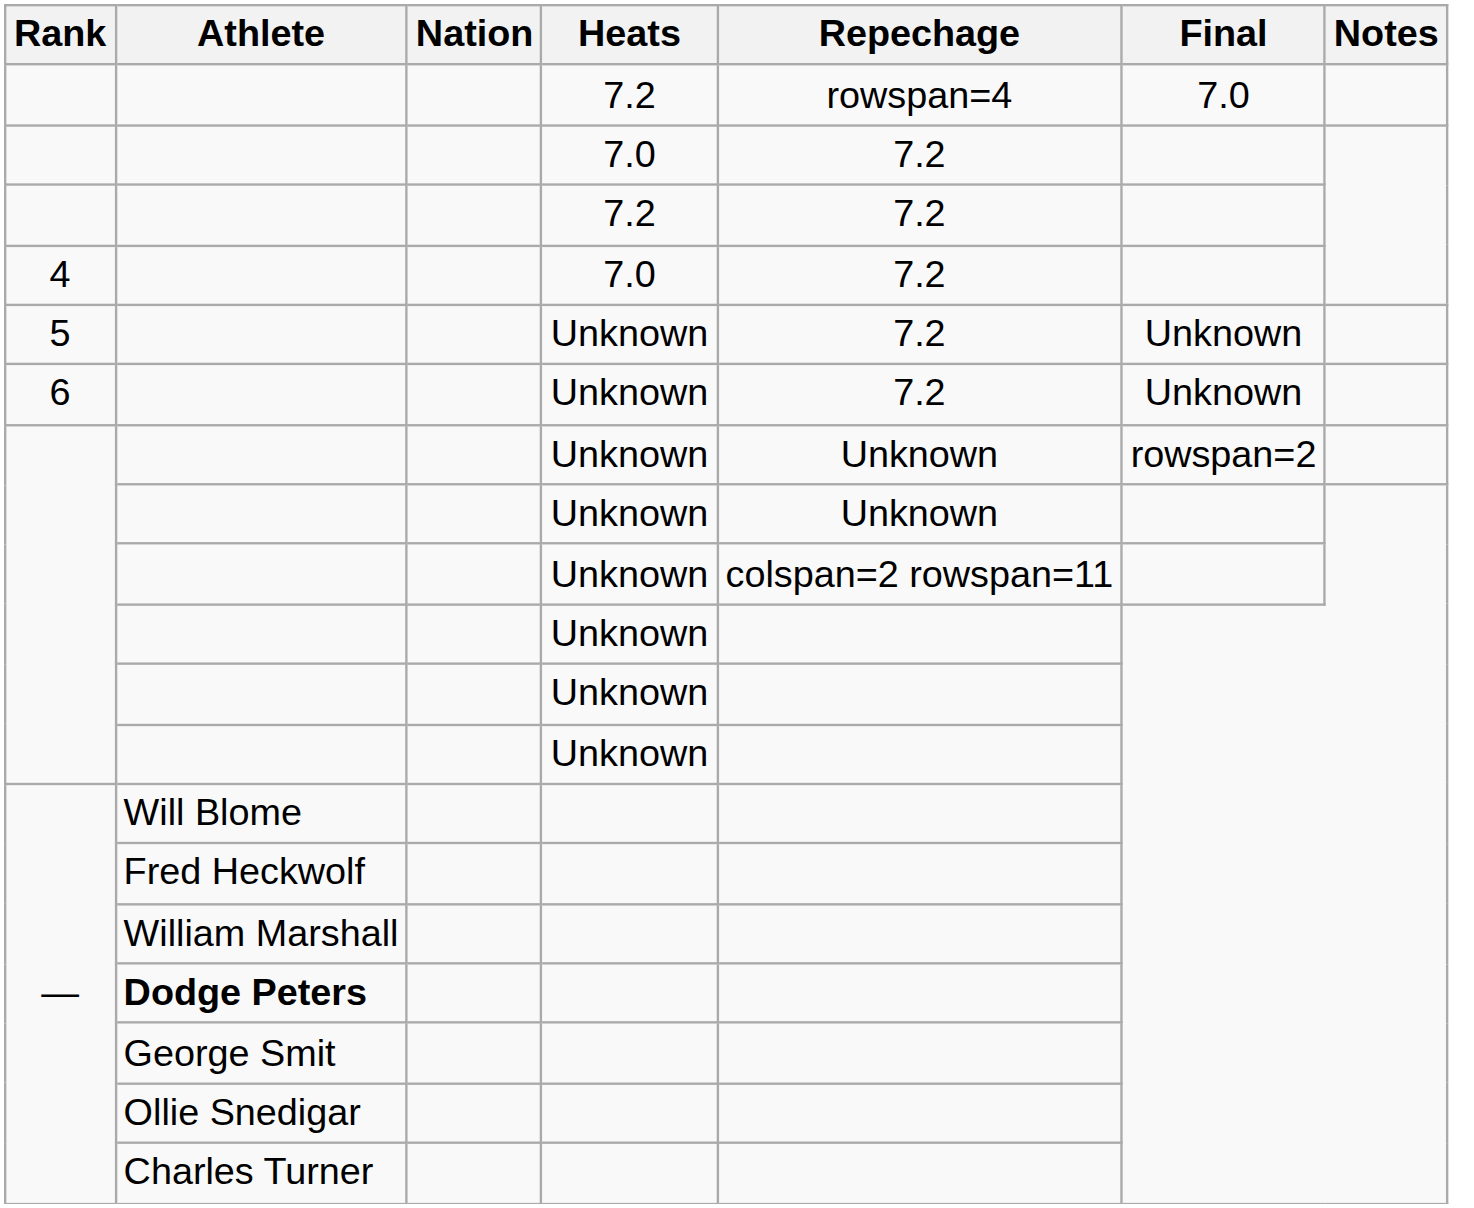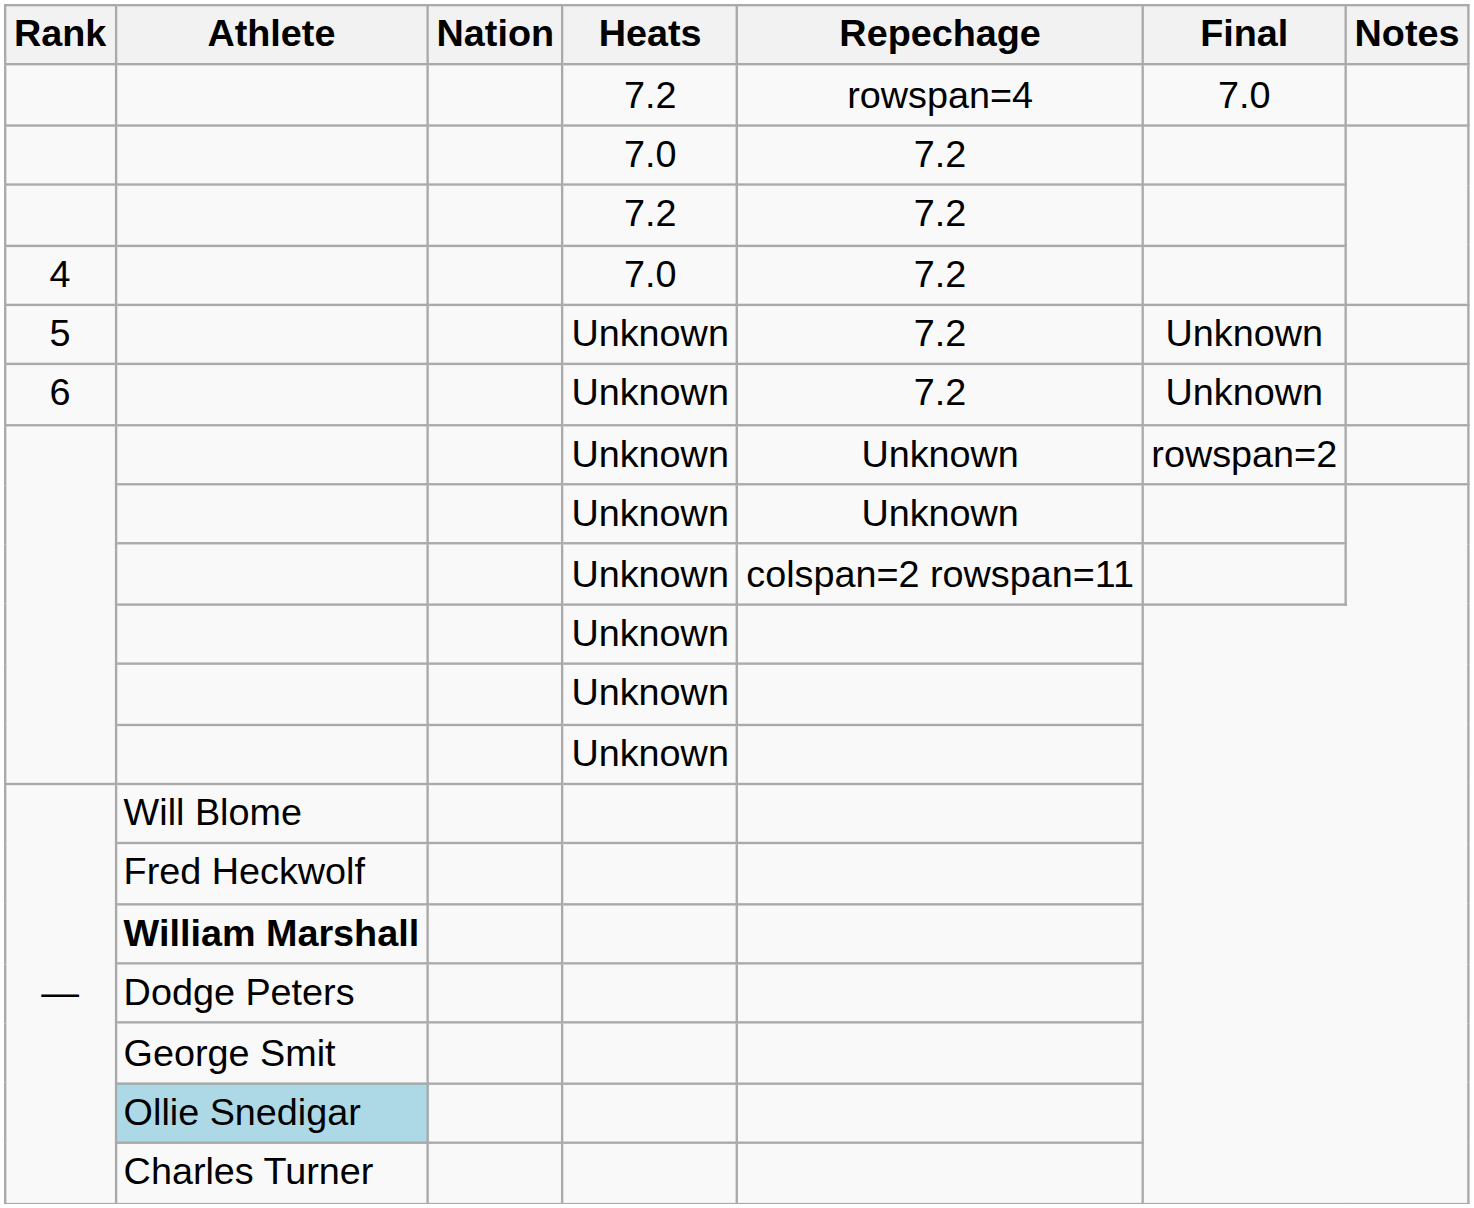 <table class="wikitable sortable" style="text-align:center">
 <tr>
 <th>Rank</th>
 <th>Athlete</th>
 <th>Nation</th>
 <th>Heats</th>
 <th>Repechage</th>
 <th>Final</th>
 <th>Notes</th>
 </tr>
 <tr>
 <td></td>
 <td align=left></td>
 <td align=left></td>
 <td>7.2</td>
 <td>rowspan=4 </td>
 <td>7.0</td>
 <td></td>
 </tr>
 <tr>
 <td></td>
 <td align=left></td>
 <td align=left></td>
 <td>7.0</td>
 <td>7.2</td>
 <td></td>
 </tr>
 <tr>
 <td></td>
 <td align=left></td>
 <td align=left></td>
 <td>7.2</td>
 <td>7.2</td>
 <td></td>
 </tr>
 <tr>
 <td>4</td>
 <td align=left></td>
 <td align=left></td>
 <td>7.0</td>
 <td>7.2</td>
 <td></td>
 </tr>
 <tr>
 <td>5</td>
 <td align=left></td>
 <td align=left></td>
 <td data-sort-value=8.9>Unknown</td>
 <td>7.2</td>
 <td data-sort-value=8.9>Unknown</td>
 <td></td>
 </tr>
 <tr>
 <td>6</td>
 <td align=left></td>
 <td align=left></td>
 <td data-sort-value=8.9>Unknown</td>
 <td>7.2</td>
 <td data-sort-value=8.9>Unknown</td>
 <td></td>
 </tr>
 <tr>
 <td rowspan=6 data-sort-value=7></td>
 <td align=left></td>
 <td align=left></td>
 <td data-sort-value=8.9>Unknown</td>
 <td data-sort-value=8.9>Unknown</td>
 <td>rowspan=2 </td>
 <td></td>
 </tr>
 <tr>
 <td align=left></td>
 <td align=left></td>
 <td data-sort-value=8.9>Unknown</td>
 <td data-sort-value=8.9>Unknown</td>
 <td></td>
 </tr>
 <tr>
 <td align=left></td>
 <td align=left></td>
 <td data-sort-value=8.9>Unknown</td>
 <td>colspan=2 rowspan=11 </td>
 <td></td>
 </tr>
 <tr>
 <td align=left></td>
 <td align=left></td>
 <td data-sort-value=8.9>Unknown</td>
 <td></td>
 </tr>
 <tr>
 <td align=left></td>
 <td align=left></td>
 <td data-sort-value=8.9>Unknown</td>
 <td></td>
 </tr>
 <tr>
 <td align=left></td>
 <td align=left></td>
 <td data-sort-value=8.9>Unknown</td>
 <td></td>
 </tr>
 <tr>
 <td rowspan=7 data-sort-value=13>—</td>
 <td align=left data-sort-value=Blome>Will Blome</td>
 <td align=left></td>
 <td data-sort-value=9.9></td>
 <td></td>
 </tr>
 <tr>
 <td align=left data-sort-value=Heckwolf>Fred Heckwolf</td>
 <td align=left></td>
 <td data-sort-value=9.9></td>
 <td></td>
 </tr>
 <tr>
-<td align=left data-sort-value=Marshall>William Marshall</td>
+<td align=left data-sort-value=Marshall><strong>William Marshall</strong></td>
 <td align=left></td>
 <td data-sort-value=9.9></td>
 <td></td>
 </tr>
 <tr>
-<td align=left data-sort-value=Peters><strong>Dodge Peters</strong></td>
+<td align=left data-sort-value=Peters>Dodge Peters</td>
 <td align=left></td>
 <td data-sort-value=9.9></td>
 <td></td>
 </tr>
 <tr>
 <td align=left data-sort-value=Smith>George Smit</td>
 <td align=left></td>
 <td data-sort-value=9.9></td>
 <td></td>
 </tr>
 <tr>
-<td align=left data-sort-value=Snedigar>Ollie Snedigar</td>
+<td align=left data-sort-value=Snedigar style="background: lightblue;">Ollie Snedigar</td>
 <td align=left></td>
 <td data-sort-value=9.9></td>
 <td></td>
 </tr>
 <tr>
 <td align=left data-sort-value=Turner>Charles Turner</td>
 <td align=left></td>
 <td data-sort-value=9.9></td>
 <td></td>
 </tr>
 </table>
